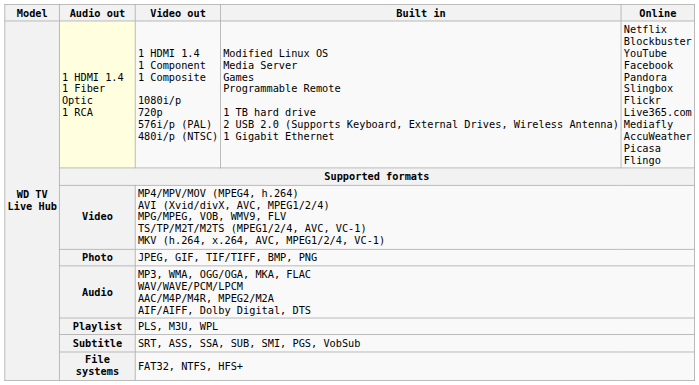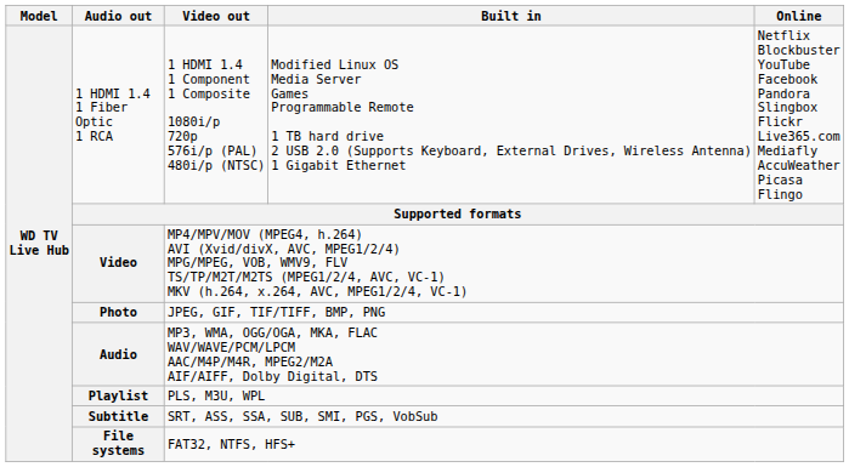 <table class="wikitable" style="margin:1em auto;">
 <tr>
 <th>Model</th>
 <th width=90>Audio out</th>
 <th>Video out</th>
 <th>Built in</th>
 <th>Online</th>
 </tr>
 <tr>
 <th rowspan="8"><strong>WD TV<br>Live Hub</strong></th>
-<td style="background: lightyellow;">1 HDMI 1.4<br>1 Fiber Optic<br>1 RCA</td>
+<td>1 HDMI 1.4<br>1 Fiber Optic<br>1 RCA</td>
 <td>1 HDMI 1.4<br>1 Component<br>1 Composite<br><br>1080i/p<br>720p<br>576i/p (PAL)<br>480i/p (NTSC)</td>
 <td>Modified Linux OS<br>Media Server<br>Games<br>Programmable Remote<br><br>1 TB hard drive<br>2 USB 2.0 (Supports Keyboard, External Drives, Wireless Antenna)<br>1 Gigabit Ethernet</td>
 <td>Netflix<br>Blockbuster<br>YouTube<br>Facebook<br>Pandora<br>Slingbox<br>Flickr<br>Live365.com<br>Mediafly<br>AccuWeather<br>Picasa<br>Flingo</td>
 </tr>
 <tr>
 <th colspan="4">Supported formats</th>
 </tr>
 <tr>
 <th>Video</th>
 <td colspan="3">MP4/MPV/MOV (MPEG4, h.264)<br>AVI (Xvid/divX, AVC, MPEG1/2/4)<br>MPG/MPEG, VOB, WMV9, FLV<br>TS/TP/M2T/M2TS (MPEG1/2/4, AVC, VC-1)<br>MKV (h.264, x.264, AVC, MPEG1/2/4, VC-1)</td>
 </tr>
 <tr>
 <th>Photo</th>
 <td colspan="3">JPEG, GIF, TIF/TIFF, BMP, PNG</td>
 </tr>
 <tr>
 <th>Audio</th>
 <td colspan="3">MP3, WMA, OGG/OGA, MKA, FLAC<br>WAV/WAVE/PCM/LPCM<br>AAC/M4P/M4R, MPEG2/M2A<br>AIF/AIFF, Dolby Digital, DTS</td>
 </tr>
 <tr>
 <th>Playlist</th>
 <td colspan="3">PLS, M3U, WPL</td>
 </tr>
 <tr>
 <th>Subtitle</th>
 <td colspan="3">SRT, ASS, SSA, SUB, SMI, PGS, VobSub</td>
 </tr>
 <tr>
 <th>File systems</th>
 <td colspan="3">FAT32, NTFS, HFS+</td>
 </tr>
 </table>
